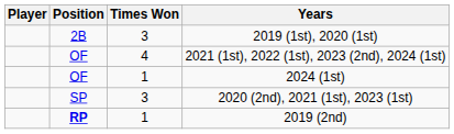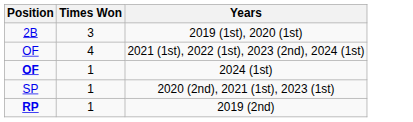 <table class="wikitable sortable" style="text-align:center;">
 <tr>
-<th scope="col">Player</th>
 <th scope="col">Position</th>
 <th scope="col">Times Won</th>
 <th scope="col">Years</th>
 </tr>
 <tr>
-<td scope="row"></td>
 <td><a href='#'>2B</a></td>
 <td style="text-align:center;">3</td>
 <td>2019 (1st), 2020 (1st)</td>
 </tr>
 <tr>
-<td></td>
 <td><a href='#'>OF</a></td>
 <td style="text-align:center;">4</td>
 <td>2021 (1st), 2022 (1st), 2023 (2nd), 2024 (1st)</td>
 </tr>
 <tr>
-<td scope="row"></td>
-<td><a href='#'>OF</a></td>
+<td><strong><a href='#'>OF</a></strong></td>
 <td style="text-align:center;">1</td>
 <td>2024 (1st)</td>
 </tr>
 <tr>
-<td scope="row"></td>
 <td><a href='#'>SP</a></td>
-<td style="text-align:center;">3</td>
+<td style="text-align:center;">1</td>
 <td>2020 (2nd), 2021 (1st), 2023 (1st)</td>
 </tr>
 <tr>
-<td scope="row"></td>
 <td><strong><a href='#'>RP</a></strong></td>
 <td style="text-align:center;">1</td>
 <td>2019 (2nd)</td>
 </tr>
 </table>
